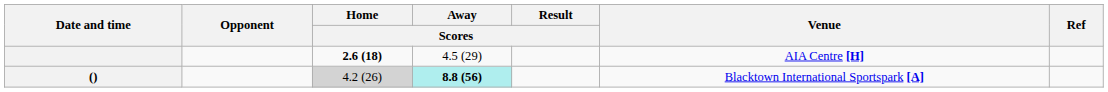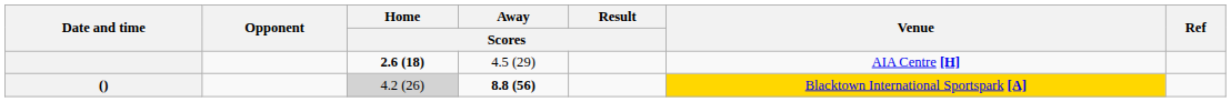 <table class="wikitable plainrowheaders" style="font-size:90%; width:100%; text-align:center;">
 <tr>
 <th scope="col" rowspan="2">Date and time</th>
 <th scope="col" rowspan="2">Opponent</th>
 <th scope="col">Home</th>
 <th scope="col">Away</th>
 <th scope="col">Result</th>
 <th scope="col" rowspan="2">Venue</th>
 <th scope="col" class="unsortable" rowspan=2>Ref</th>
 </tr>
 <tr>
 <th scope="col" colspan="3">Scores</th>
 </tr>
 <tr>
 <th scope="row"></th>
 <td align=left></td>
 <td><strong>2.6 (18)</strong></td>
 <td>4.5 (29)</td>
 <td></td>
 <td><a href='#'>AIA Centre</a> <a href='#'><strong>[H]</strong></a></td>
 <td></td>
 </tr>
 <tr>
 <th scope="row"> ()</th>
 <td align=left></td>
 <td style="background: lightgrey;">4.2 (26)</td>
-<td style="background: paleturquoise;"><strong>8.8 (56)</strong></td>
+<td><strong>8.8 (56)</strong></td>
 <td></td>
-<td><a href='#'>Blacktown International Sportspark</a> <a href='#'><strong>[A]</strong></a></td>
+<td style="background: gold;"><a href='#'>Blacktown International Sportspark</a> <a href='#'><strong>[A]</strong></a></td>
 <td></td>
 </tr>
 </table>
